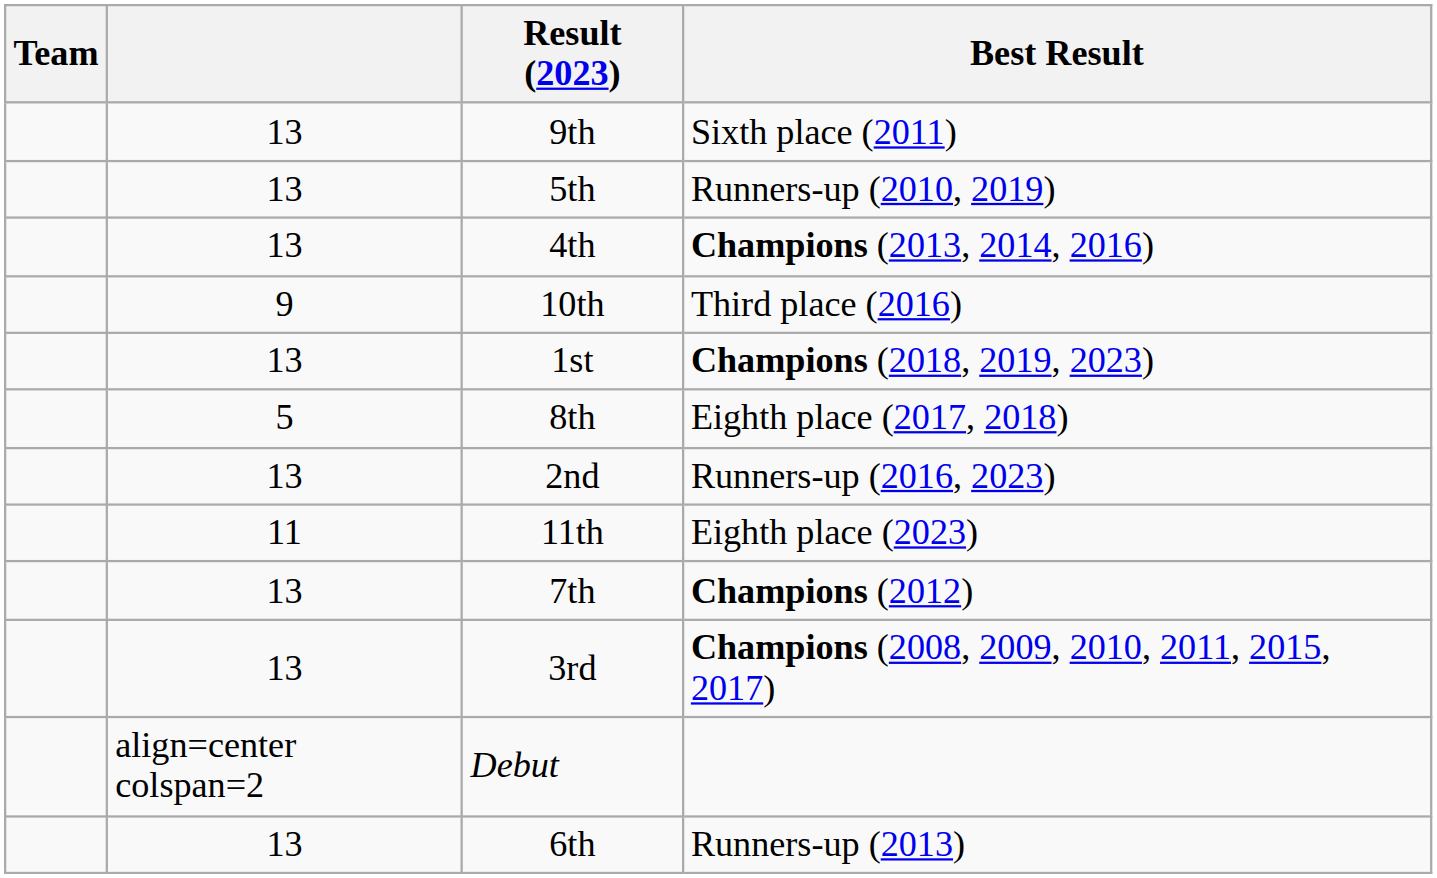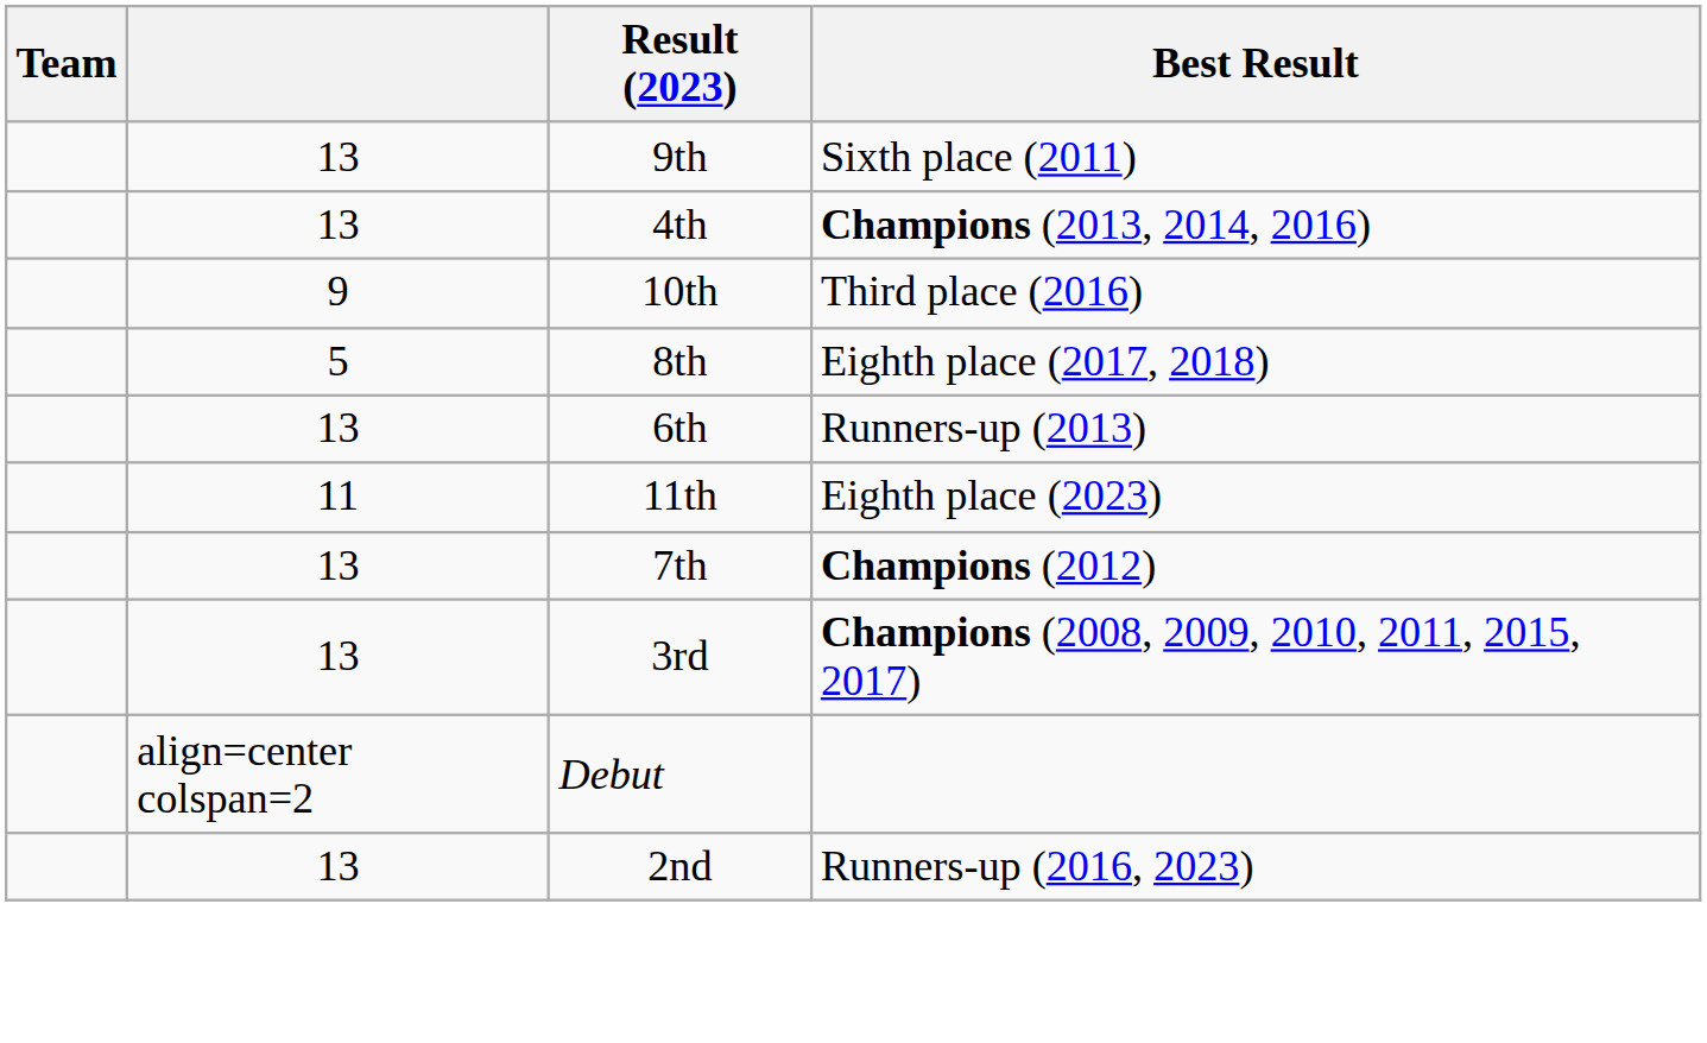 <table class="wikitable sortable plainrowheaders" style="width:50%;">
 <tr>
 <th>Team</th>
 <th></th>
 <th>Result (<a href='#'>2023</a>)</th>
 <th>Best Result</th>
 </tr>
 <tr>
 <td align=left></td>
 <td align=center>13</td>
 <td align=center>9th</td>
 <td align=left>Sixth place (<a href='#'>2011</a>)</td>
 </tr>
 <tr>
 <td align=left></td>
 <td align=center>13</td>
-<td align=center>5th</td>
-<td align=left>Runners-up (<a href='#'>2010</a>, <a href='#'>2019</a>)</td>
-</tr>
-<tr>
-<td align=left></td>
-<td align=center>13</td>
 <td align=center>4th</td>
 <td align=left><strong>Champions</strong> (<a href='#'>2013</a>, <a href='#'>2014</a>, <a href='#'>2016</a>)</td>
 </tr>
 <tr>
 <td align=left></td>
 <td align=center>9</td>
 <td align=center>10th</td>
 <td align=left>Third place (<a href='#'>2016</a>)</td>
 </tr>
 <tr>
 <td align=left></td>
-<td align=center>13</td>
-<td align=center>1st</td>
-<td align=left><strong>Champions</strong> (<a href='#'>2018</a>, <a href='#'>2019</a>, <a href='#'>2023</a>)</td>
-</tr>
-<tr>
-<td align=left></td>
 <td align=center>5</td>
 <td align=center>8th</td>
 <td align=left>Eighth place (<a href='#'>2017</a>, <a href='#'>2018</a>)</td>
 </tr>
 <tr>
 <td align=left></td>
 <td align=center>13</td>
-<td align=center>2nd</td>
-<td align=left>Runners-up (<a href='#'>2016</a>, <a href='#'>2023</a>)</td>
+<td align=center>6th</td>
+<td align=left>Runners-up (<a href='#'>2013</a>)</td>
 </tr>
 <tr>
 <td align=left></td>
 <td align=center>11</td>
 <td align=center>11th</td>
 <td align=left>Eighth place (<a href='#'>2023</a>)</td>
 </tr>
 <tr>
 <td align=left></td>
 <td align=center>13</td>
 <td align=center>7th</td>
 <td align=left><strong>Champions</strong> (<a href='#'>2012</a>)</td>
 </tr>
 <tr>
 <td align=left></td>
 <td align=center>13</td>
 <td align=center>3rd</td>
 <td align=left><strong>Champions</strong> (<a href='#'>2008</a>, <a href='#'>2009</a>, <a href='#'>2010</a>, <a href='#'>2011</a>, <a href='#'>2015</a>, <a href='#'>2017</a>)</td>
 </tr>
 <tr>
 <td align=left></td>
 <td>align=center colspan=2 </td>
 <td align=left><em>Debut</em></td>
 </tr>
 <tr>
 <td align=left></td>
 <td align=center>13</td>
-<td align=center>6th</td>
-<td align=left>Runners-up (<a href='#'>2013</a>)</td>
+<td align=center>2nd</td>
+<td align=left>Runners-up (<a href='#'>2016</a>, <a href='#'>2023</a>)</td>
 </tr>
 </table>
